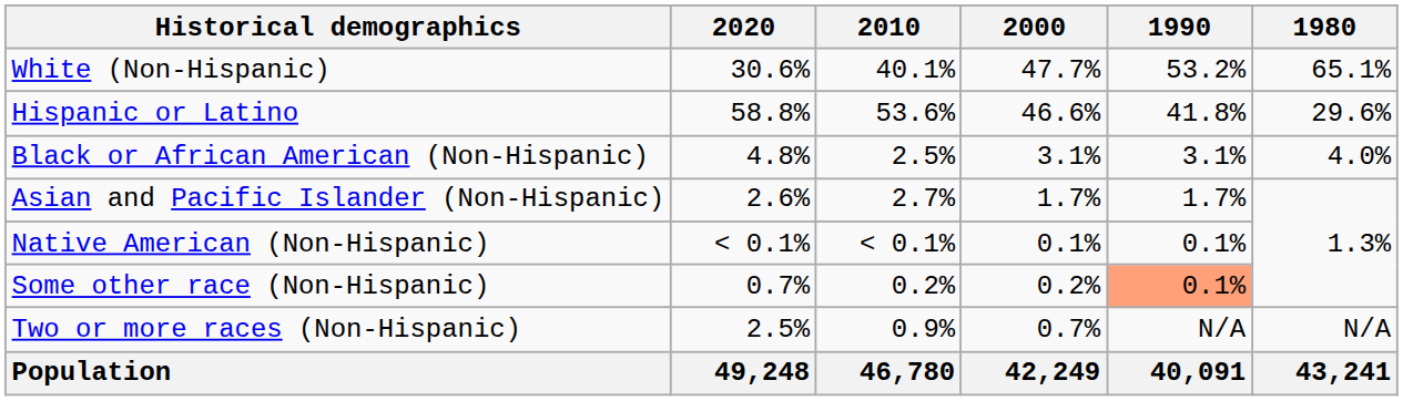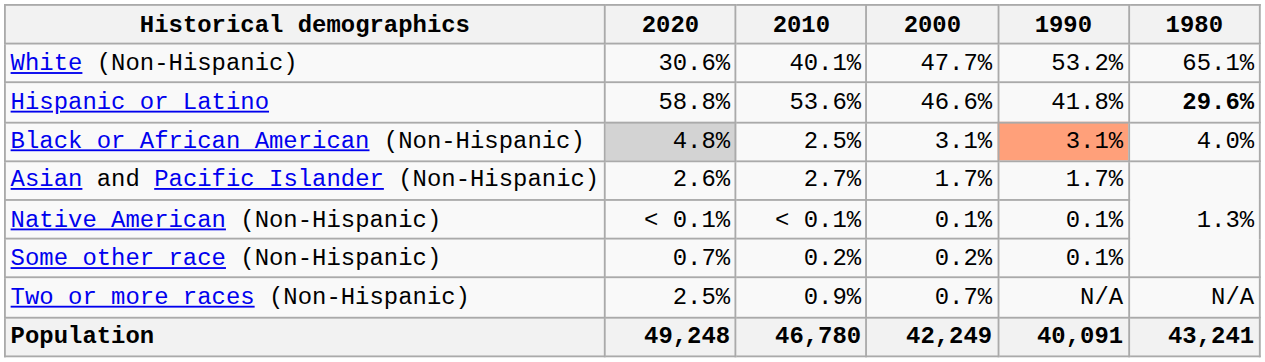 <table class="wikitable" style="text-align: right;">
 <tr>
 <th>Historical demographics</th>
 <th style="width: 5em;">2020</th>
 <th style="width: 5em;">2010</th>
 <th style="width: 5em;">2000</th>
 <th style="width: 5em;">1990</th>
 <th style="width: 5em;">1980</th>
 </tr>
 <tr>
 <td style="text-align:left"><a href='#'>White</a> (Non-Hispanic)</td>
 <td>30.6%</td>
 <td>40.1%</td>
 <td>47.7%</td>
 <td>53.2%</td>
 <td>65.1%</td>
 </tr>
 <tr>
 <td style="text-align:left"><a href='#'>Hispanic or Latino</a></td>
 <td>58.8%</td>
 <td>53.6%</td>
 <td>46.6%</td>
 <td>41.8%</td>
-<td>29.6%</td>
+<td><strong>29.6%</strong></td>
 </tr>
 <tr>
 <td style="text-align:left"><a href='#'>Black or African American</a> (Non-Hispanic)</td>
-<td>4.8%</td>
+<td style="background: lightgrey;">4.8%</td>
 <td>2.5%</td>
 <td>3.1%</td>
-<td>3.1%</td>
+<td style="background: lightsalmon;">3.1%</td>
 <td>4.0%</td>
 </tr>
 <tr>
 <td style="text-align:left"><a href='#'>Asian</a> and <a href='#'>Pacific Islander</a> (Non-Hispanic)</td>
 <td>2.6%</td>
 <td>2.7%</td>
 <td>1.7%</td>
 <td>1.7%</td>
 <td rowspan="3">1.3%</td>
 </tr>
 <tr>
 <td style="text-align:left"><a href='#'>Native American</a> (Non-Hispanic)</td>
 <td>< 0.1%</td>
 <td>< 0.1%</td>
 <td>0.1%</td>
 <td>0.1%</td>
 </tr>
 <tr>
 <td style="text-align:left"><a href='#'>Some other race</a> (Non-Hispanic)</td>
 <td>0.7%</td>
 <td>0.2%</td>
 <td>0.2%</td>
-<td style="background: lightsalmon;">0.1%</td>
+<td>0.1%</td>
 </tr>
 <tr>
 <td style="text-align:left"><a href='#'>Two or more races</a> (Non-Hispanic)</td>
 <td>2.5%</td>
 <td>0.9%</td>
 <td>0.7%</td>
 <td>N/A</td>
 <td>N/A</td>
 </tr>
 <tr>
 <th style="text-align:left">Population</th>
 <th style="text-align:right">49,248</th>
 <th style="text-align:right">46,780</th>
 <th style="text-align:right">42,249</th>
 <th style="text-align:right">40,091</th>
 <th style="text-align:right">43,241</th>
 </tr>
 </table>
